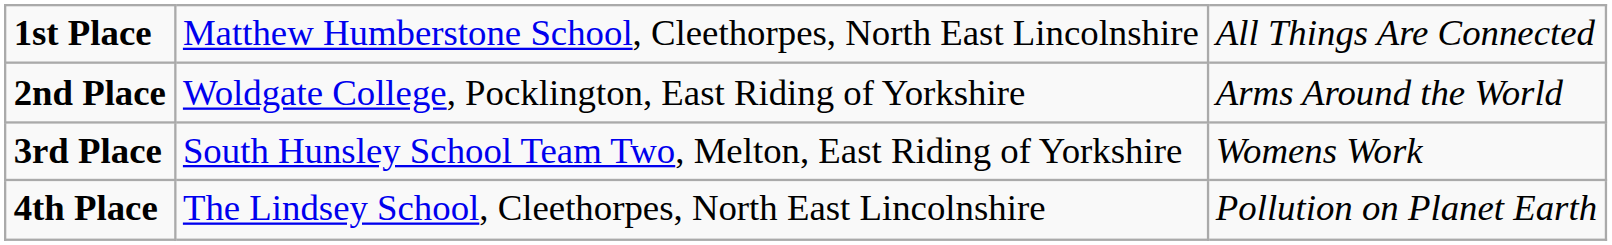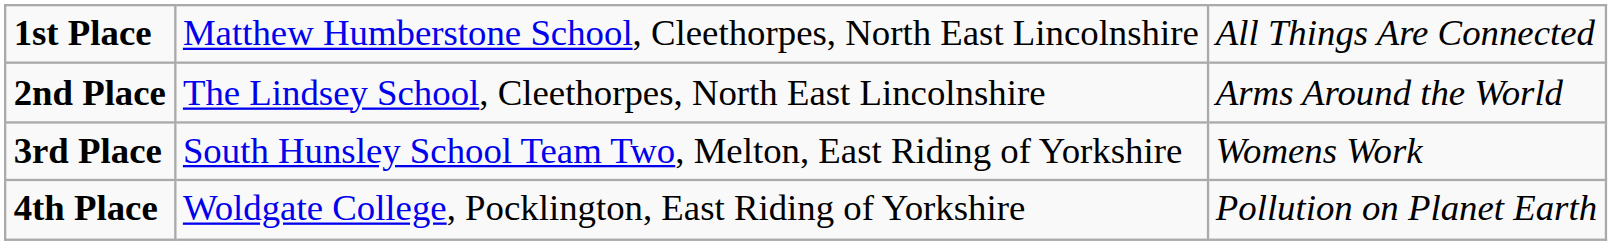 <table class="wikitable">
 <tr>
 <td><strong>1st Place</strong></td>
 <td><a href='#'>Matthew Humberstone School</a>, Cleethorpes, North East Lincolnshire</td>
 <td><em>All Things Are Connected</em></td>
 </tr>
 <tr>
 <td><strong>2nd Place</strong></td>
-<td><a href='#'>Woldgate College</a>, Pocklington, East Riding of Yorkshire</td>
+<td><a href='#'>The Lindsey School</a>, Cleethorpes, North East Lincolnshire</td>
 <td><em>Arms Around the World</em></td>
 </tr>
 <tr>
 <td><strong>3rd Place</strong></td>
 <td><a href='#'>South Hunsley School Team Two</a>, Melton, East Riding of Yorkshire</td>
 <td><em>Womens Work</em></td>
 </tr>
 <tr>
 <td><strong>4th Place</strong></td>
-<td><a href='#'>The Lindsey School</a>, Cleethorpes, North East Lincolnshire</td>
+<td><a href='#'>Woldgate College</a>, Pocklington, East Riding of Yorkshire</td>
 <td><em>Pollution on Planet Earth</em></td>
 </tr>
 </table>
